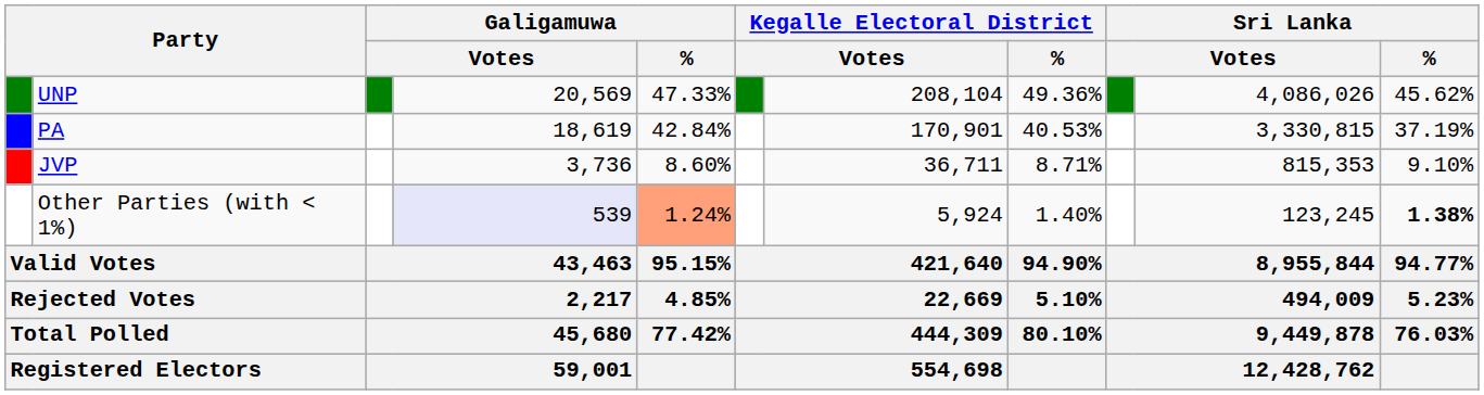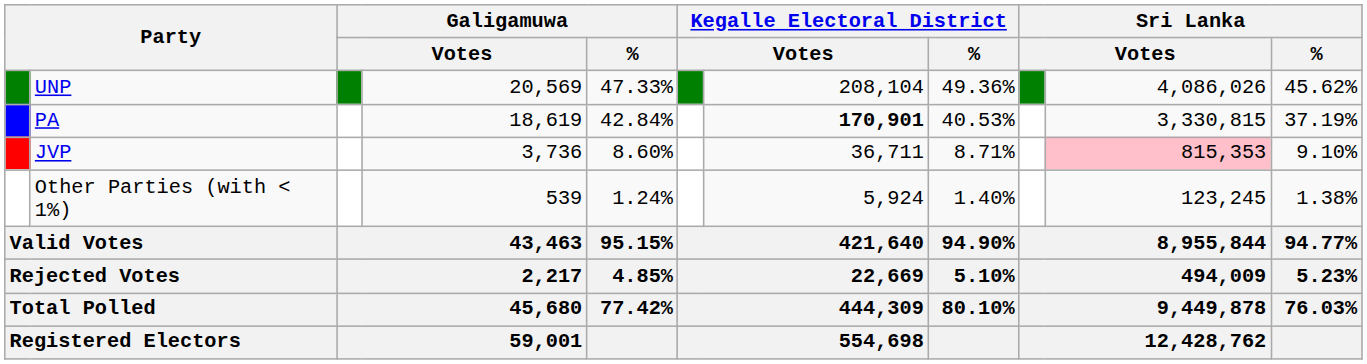 <table class="wikitable">
 <tr>
 <th colspan="2" width="144px"rowspan="2">Party</th>
 <th colspan="3" width="216px">Galigamuwa</th>
 <th colspan="3" width="216px"><a href='#'>Kegalle Electoral District</a></th>
 <th colspan="3" width="216px">Sri Lanka</th>
 </tr>
 <tr>
 <th colspan="2" width="144px">Votes</th>
 <th>%</th>
 <th colspan="2" width="144px">Votes</th>
 <th>%</th>
 <th colspan="2" width="144px">Votes</th>
 <th>%</th>
 </tr>
 <tr>
 <td style="background-color:green;" width="10px"></td>
 <td style="text-align:left;"><a href='#'>UNP</a></td>
 <td style="background-color:green;" width="10px"></td>
 <td style="text-align:right;">20,569</td>
 <td style="text-align:right;">47.33%</td>
 <td style="background-color:green;" width="10px"></td>
 <td style="text-align:right;">208,104</td>
 <td style="text-align:right;">49.36%</td>
 <td style="background-color:green;" width="10px"></td>
 <td style="text-align:right;">4,086,026</td>
 <td style="text-align:right;">45.62%</td>
 </tr>
 <tr>
 <td style="background-color:blue;" width="10px"></td>
 <td style="text-align:left;"><a href='#'>PA</a></td>
 <td style="background-color:white;" width="10px"></td>
 <td style="text-align:right;">18,619</td>
 <td style="text-align:right;">42.84%</td>
 <td style="background-color:white;" width="10px"></td>
-<td style="text-align:right;">170,901</td>
+<td style="text-align:right;"><strong>170,901</strong></td>
 <td style="text-align:right;">40.53%</td>
 <td style="background-color:white;" width="10px"></td>
 <td style="text-align:right;">3,330,815</td>
 <td style="text-align:right;">37.19%</td>
 </tr>
 <tr>
 <td style="background-color:red;" width="10px"></td>
 <td style="text-align:left;"><a href='#'>JVP</a></td>
 <td style="background-color:white;" width="10px"></td>
 <td style="text-align:right;">3,736</td>
 <td style="text-align:right;">8.60%</td>
 <td style="background-color:white;" width="10px"></td>
 <td style="text-align:right;">36,711</td>
 <td style="text-align:right;">8.71%</td>
 <td style="background-color:white;" width="10px"></td>
-<td style="text-align:right;">815,353</td>
+<td style="background: pink; text-align:right;">815,353</td>
 <td style="text-align:right;">9.10%</td>
 </tr>
 <tr>
 <td style="background-color:white;" width="10px"></td>
 <td style="text-align:left;">Other Parties (with < 1%)</td>
 <td style="background-color:white;" width="10px"></td>
-<td style="background: lavender; text-align:right;">539</td>
-<td style="background: lightsalmon; text-align:right;">1.24%</td>
+<td style="text-align:right;">539</td>
+<td style="text-align:right;">1.24%</td>
 <td style="background-color:white;" width="10px"></td>
 <td style="text-align:right;">5,924</td>
 <td style="text-align:right;">1.40%</td>
 <td style="background-color:white;" width="10px"></td>
 <td style="text-align:right;">123,245</td>
-<td style="text-align:right;"><strong>1.38%</strong></td>
+<td style="text-align:right;">1.38%</td>
 </tr>
 <tr>
 <th colspan="2" width="144px"style="text-align:left;">Valid Votes</th>
 <th style="text-align:right;"colspan="2" width="144px">43,463</th>
 <th style="text-align:right;">95.15%</th>
 <th style="text-align:right;"colspan="2" width="144px">421,640</th>
 <th style="text-align:right;">94.90%</th>
 <th style="text-align:right;"colspan="2" width="144px">8,955,844</th>
 <th style="text-align:right;">94.77%</th>
 </tr>
 <tr>
 <th colspan="2" width="144px"style="text-align:left;">Rejected Votes</th>
 <th style="text-align:right;"colspan="2" width="144px">2,217</th>
 <th style="text-align:right;">4.85%</th>
 <th style="text-align:right;"colspan="2" width="144px">22,669</th>
 <th style="text-align:right;">5.10%</th>
 <th style="text-align:right;"colspan="2" width="144px">494,009</th>
 <th style="text-align:right;">5.23%</th>
 </tr>
 <tr>
 <th colspan="2" width="144px"style="text-align:left;">Total Polled</th>
 <th style="text-align:right;"colspan="2" width="144px">45,680</th>
 <th style="text-align:right;">77.42%</th>
 <th style="text-align:right;"colspan="2" width="144px">444,309</th>
 <th style="text-align:right;">80.10%</th>
 <th style="text-align:right;"colspan="2" width="144px">9,449,878</th>
 <th style="text-align:right;">76.03%</th>
 </tr>
 <tr>
 <th colspan="2" width="144px"style="text-align:left;">Registered Electors</th>
 <th style="text-align:right;"colspan="2" width="144px">59,001</th>
 <th></th>
 <th style="text-align:right;"colspan="2" width="144px">554,698</th>
 <th></th>
 <th style="text-align:right;"colspan="2" width="144px">12,428,762</th>
 <th></th>
 </tr>
 </table>
